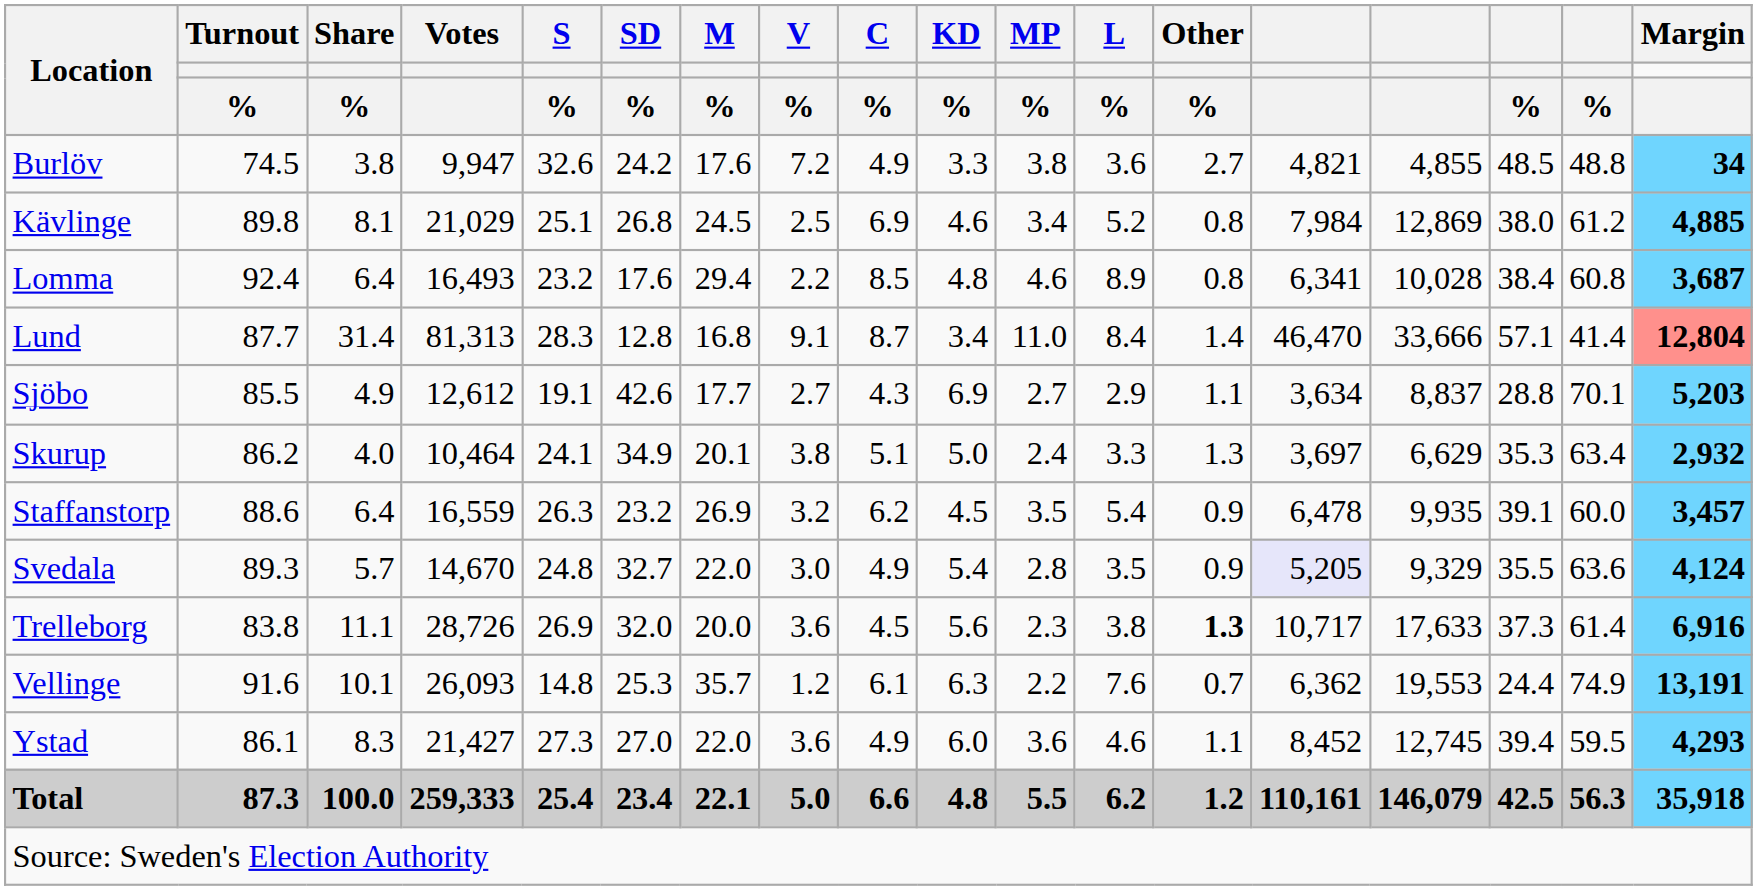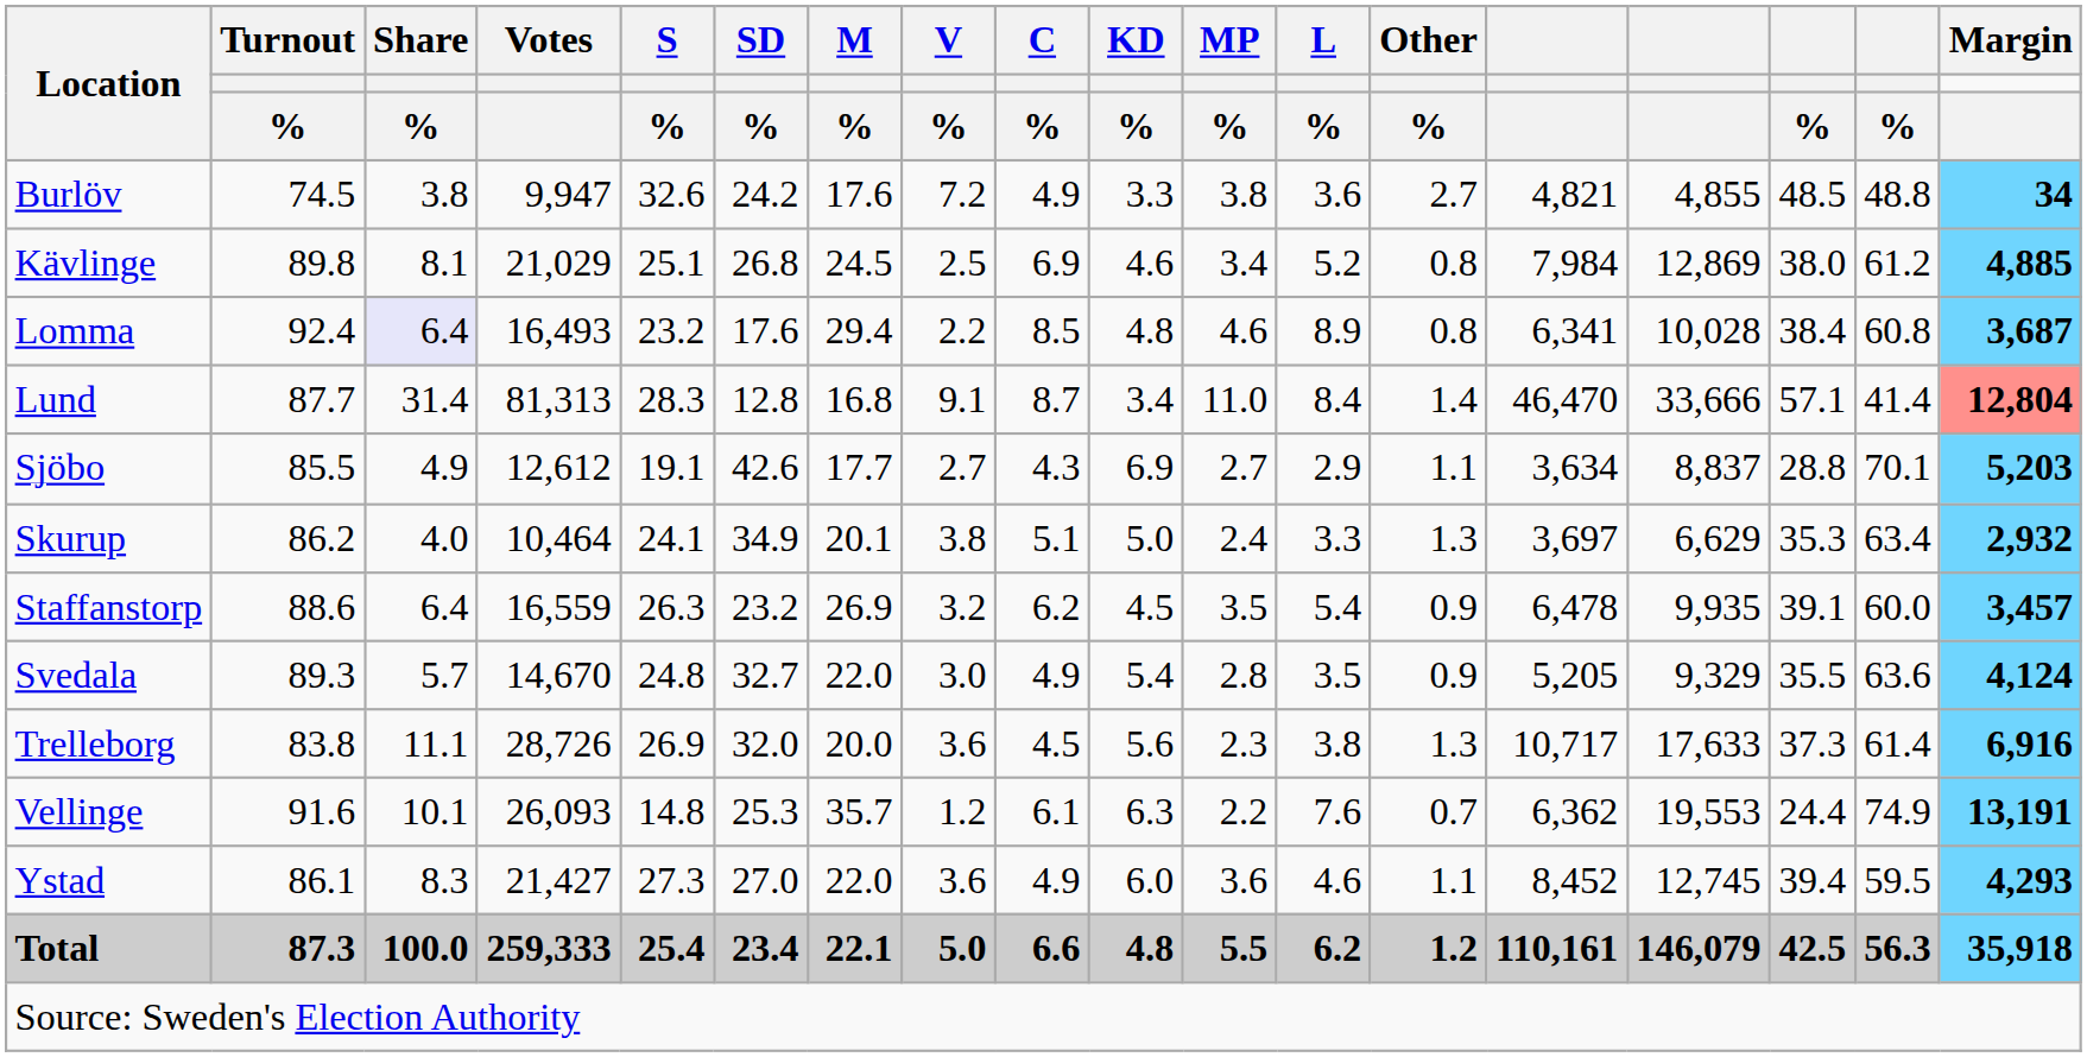 <table class="wikitable sortable" style="text-align:right; font-size:95%; line-height:20px;">
 <tr>
 <th rowspan="3">Location</th>
 <th>Turnout</th>
 <th>Share</th>
 <th>Votes</th>
 <th width="30px" class="unsortable"><a href='#'>S</a></th>
 <th width="30px" class="unsortable"><a href='#'>SD</a></th>
 <th width="30px" class="unsortable"><a href='#'>M</a></th>
 <th width="30px" class="unsortable"><a href='#'>V</a></th>
 <th width="30px" class="unsortable"><a href='#'>C</a></th>
 <th width="30px" class="unsortable"><a href='#'>KD</a></th>
 <th width="30px" class="unsortable"><a href='#'>MP</a></th>
 <th width="30px" class="unsortable"><a href='#'>L</a></th>
 <th width="30px" class="unsortable">Other</th>
 <th></th>
 <th></th>
 <th></th>
 <th></th>
 <th>Margin</th>
 </tr>
 <tr>
 <th></th>
 <th></th>
 <th></th>
 <th style="background:"></th>
 <th style="background:"></th>
 <th style="background:"></th>
 <th style="background:"></th>
 <th style="background:"></th>
 <th style="background:"></th>
 <th style="background:"></th>
 <th style="background:"></th>
 <th style="background:"></th>
 <th style="background:"></th>
 <th style="background:"></th>
 <th style="background:"></th>
 <th style="background:"></th>
 </tr>
 <tr>
 <th data-sort-type="number">%</th>
 <th data-sort-type="number">%</th>
 <th></th>
 <th data-sort-type="number">%</th>
 <th data-sort-type="number">%</th>
 <th data-sort-type="number">%</th>
 <th data-sort-type="number">%</th>
 <th data-sort-type="number">%</th>
 <th data-sort-type="number">%</th>
 <th data-sort-type="number">%</th>
 <th data-sort-type="number">%</th>
 <th data-sort-type="number">%</th>
 <th data-sort-type="number"></th>
 <th data-sort-type="number"></th>
 <th data-sort-type="number">%</th>
 <th data-sort-type="number">%</th>
 <th data-sort-type="number"></th>
 </tr>
 <tr>
 <td align="left"><a href='#'>Burlöv</a></td>
 <td>74.5</td>
 <td>3.8</td>
 <td>9,947</td>
 <td>32.6</td>
 <td>24.2</td>
 <td>17.6</td>
 <td>7.2</td>
 <td>4.9</td>
 <td>3.3</td>
 <td>3.8</td>
 <td>3.6</td>
 <td>2.7</td>
 <td>4,821</td>
 <td>4,855</td>
 <td>48.5</td>
 <td>48.8</td>
 <td bgcolor=#6fd5fe><strong>34</strong></td>
 </tr>
 <tr>
 <td align="left"><a href='#'>Kävlinge</a></td>
 <td>89.8</td>
 <td>8.1</td>
 <td>21,029</td>
 <td>25.1</td>
 <td>26.8</td>
 <td>24.5</td>
 <td>2.5</td>
 <td>6.9</td>
 <td>4.6</td>
 <td>3.4</td>
 <td>5.2</td>
 <td>0.8</td>
 <td>7,984</td>
 <td>12,869</td>
 <td>38.0</td>
 <td>61.2</td>
 <td bgcolor=#6fd5fe><strong>4,885</strong></td>
 </tr>
 <tr>
 <td align="left"><a href='#'>Lomma</a></td>
 <td>92.4</td>
-<td>6.4</td>
+<td style="background: lavender;">6.4</td>
 <td>16,493</td>
 <td>23.2</td>
 <td>17.6</td>
 <td>29.4</td>
 <td>2.2</td>
 <td>8.5</td>
 <td>4.8</td>
 <td>4.6</td>
 <td>8.9</td>
 <td>0.8</td>
 <td>6,341</td>
 <td>10,028</td>
 <td>38.4</td>
 <td>60.8</td>
 <td bgcolor=#6fd5fe><strong>3,687</strong></td>
 </tr>
 <tr>
 <td align="left"><a href='#'>Lund</a></td>
 <td>87.7</td>
 <td>31.4</td>
 <td>81,313</td>
 <td>28.3</td>
 <td>12.8</td>
 <td>16.8</td>
 <td>9.1</td>
 <td>8.7</td>
 <td>3.4</td>
 <td>11.0</td>
 <td>8.4</td>
 <td>1.4</td>
 <td>46,470</td>
 <td>33,666</td>
 <td>57.1</td>
 <td>41.4</td>
 <td bgcolor=#ff908c><strong>12,804</strong></td>
 </tr>
 <tr>
 <td align="left"><a href='#'>Sjöbo</a></td>
 <td>85.5</td>
 <td>4.9</td>
 <td>12,612</td>
 <td>19.1</td>
 <td>42.6</td>
 <td>17.7</td>
 <td>2.7</td>
 <td>4.3</td>
 <td>6.9</td>
 <td>2.7</td>
 <td>2.9</td>
 <td>1.1</td>
 <td>3,634</td>
 <td>8,837</td>
 <td>28.8</td>
 <td>70.1</td>
 <td bgcolor=#6fd5fe><strong>5,203</strong></td>
 </tr>
 <tr>
 <td align="left"><a href='#'>Skurup</a></td>
 <td>86.2</td>
 <td>4.0</td>
 <td>10,464</td>
 <td>24.1</td>
 <td>34.9</td>
 <td>20.1</td>
 <td>3.8</td>
 <td>5.1</td>
 <td>5.0</td>
 <td>2.4</td>
 <td>3.3</td>
 <td>1.3</td>
 <td>3,697</td>
 <td>6,629</td>
 <td>35.3</td>
 <td>63.4</td>
 <td bgcolor=#6fd5fe><strong>2,932</strong></td>
 </tr>
 <tr>
 <td align="left"><a href='#'>Staffanstorp</a></td>
 <td>88.6</td>
 <td>6.4</td>
 <td>16,559</td>
 <td>26.3</td>
 <td>23.2</td>
 <td>26.9</td>
 <td>3.2</td>
 <td>6.2</td>
 <td>4.5</td>
 <td>3.5</td>
 <td>5.4</td>
 <td>0.9</td>
 <td>6,478</td>
 <td>9,935</td>
 <td>39.1</td>
 <td>60.0</td>
 <td bgcolor=#6fd5fe><strong>3,457</strong></td>
 </tr>
 <tr>
 <td align="left"><a href='#'>Svedala</a></td>
 <td>89.3</td>
 <td>5.7</td>
 <td>14,670</td>
 <td>24.8</td>
 <td>32.7</td>
 <td>22.0</td>
 <td>3.0</td>
 <td>4.9</td>
 <td>5.4</td>
 <td>2.8</td>
 <td>3.5</td>
 <td>0.9</td>
-<td style="background: lavender;">5,205</td>
+<td>5,205</td>
 <td>9,329</td>
 <td>35.5</td>
 <td>63.6</td>
 <td bgcolor=#6fd5fe><strong>4,124</strong></td>
 </tr>
 <tr>
 <td align="left"><a href='#'>Trelleborg</a></td>
 <td>83.8</td>
 <td>11.1</td>
 <td>28,726</td>
 <td>26.9</td>
 <td>32.0</td>
 <td>20.0</td>
 <td>3.6</td>
 <td>4.5</td>
 <td>5.6</td>
 <td>2.3</td>
 <td>3.8</td>
-<td><strong>1.3</strong></td>
+<td>1.3</td>
 <td>10,717</td>
 <td>17,633</td>
 <td>37.3</td>
 <td>61.4</td>
 <td bgcolor=#6fd5fe><strong>6,916</strong></td>
 </tr>
 <tr>
 <td align="left"><a href='#'>Vellinge</a></td>
 <td>91.6</td>
 <td>10.1</td>
 <td>26,093</td>
 <td>14.8</td>
 <td>25.3</td>
 <td>35.7</td>
 <td>1.2</td>
 <td>6.1</td>
 <td>6.3</td>
 <td>2.2</td>
 <td>7.6</td>
 <td>0.7</td>
 <td>6,362</td>
 <td>19,553</td>
 <td>24.4</td>
 <td>74.9</td>
 <td bgcolor=#6fd5fe><strong>13,191</strong></td>
 </tr>
 <tr>
 <td align="left"><a href='#'>Ystad</a></td>
 <td>86.1</td>
 <td>8.3</td>
 <td>21,427</td>
 <td>27.3</td>
 <td>27.0</td>
 <td>22.0</td>
 <td>3.6</td>
 <td>4.9</td>
 <td>6.0</td>
 <td>3.6</td>
 <td>4.6</td>
 <td>1.1</td>
 <td>8,452</td>
 <td>12,745</td>
 <td>39.4</td>
 <td>59.5</td>
 <td bgcolor=#6fd5fe><strong>4,293</strong></td>
 </tr>
 <tr style="background:#CDCDCD;">
 <td align="left"><strong>Total</strong></td>
 <td><strong>87.3</strong></td>
 <td><strong>100.0</strong></td>
 <td><strong>259,333</strong></td>
 <td><strong>25.4</strong></td>
 <td><strong>23.4</strong></td>
 <td><strong>22.1</strong></td>
 <td><strong>5.0</strong></td>
 <td><strong>6.6</strong></td>
 <td><strong>4.8</strong></td>
 <td><strong>5.5</strong></td>
 <td><strong>6.2</strong></td>
 <td><strong>1.2</strong></td>
 <td><strong>110,161</strong></td>
 <td><strong>146,079</strong></td>
 <td><strong>42.5</strong></td>
 <td><strong>56.3</strong></td>
 <td bgcolor=#6fd5fe><strong>35,918</strong></td>
 </tr>
 <tr>
 <td colspan="18" align="left">Source: Sweden's <a href='#'>Election Authority</a></td>
 </tr>
 </table>
